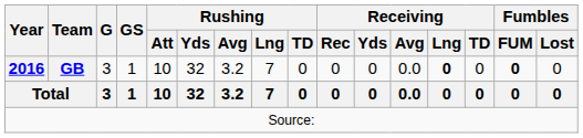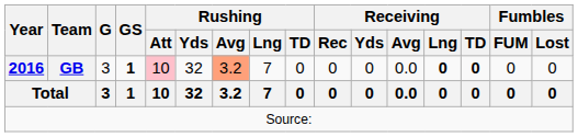 <table class="wikitable" style="text-align: center;">
 <tr>
 <th rowspan="2">Year</th>
 <th rowspan="2">Team</th>
 <th rowspan="2">G</th>
 <th rowspan="2">GS</th>
 <th colspan="5">Rushing</th>
 <th colspan="5">Receiving</th>
 <th colspan="2">Fumbles</th>
 </tr>
 <tr>
 <th>Att</th>
 <th>Yds</th>
 <th>Avg</th>
 <th>Lng</th>
 <th>TD</th>
 <th>Rec</th>
 <th>Yds</th>
 <th>Avg</th>
 <th>Lng</th>
 <th>TD</th>
 <th>FUM</th>
 <th>Lost</th>
 </tr>
 <tr>
 <th><a href='#'>2016</a></th>
 <th><a href='#'>GB</a></th>
 <td>3</td>
-<td>1</td>
-<td>10</td>
+<td><strong>1</strong></td>
+<td style="background: pink;">10</td>
 <td>32</td>
-<td>3.2</td>
+<td style="background: lightsalmon;">3.2</td>
 <td>7</td>
 <td>0</td>
 <td>0</td>
 <td>0</td>
 <td>0.0</td>
 <td><strong>0</strong></td>
+<td><strong>0</strong></td>
 <td>0</td>
-<td><strong>0</strong></td>
 <td>0</td>
 </tr>
 <tr>
 <th colspan="2">Total</th>
 <th>3</th>
 <th>1</th>
 <th>10</th>
 <th>32</th>
 <th>3.2</th>
 <th>7</th>
 <th>0</th>
 <th>0</th>
 <th>0</th>
 <th>0.0</th>
 <th>0</th>
 <th>0</th>
 <th>0</th>
 <th>0</th>
 </tr>
 <tr>
 <td colspan="16"><small>Source: </small></td>
 </tr>
 </table>
